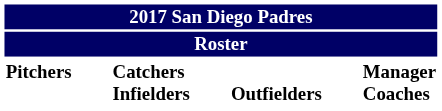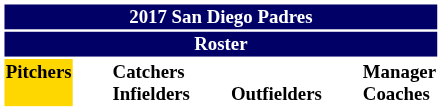 <table class="toccolours" style="font-size: 95%;">
 <tr>
 <th colspan="10" style="background-color: #000066; color: #FFFFFF; text-align: center;">2017 San Diego Padres</th>
 </tr>
 <tr>
 <td colspan="10" style="background-color: #000066; color: #FFFFFF; text-align: center;"><strong>Roster</strong></td>
 </tr>
 <tr>
-<td valign="top"><strong>Pitchers</strong><br>                             </td>
+<td valign="top" style="background: gold;"><strong>Pitchers</strong><br>                             </td>
 <td width="25px"></td>
 <td valign="top"><strong>Catchers</strong><br>    <strong>Infielders</strong>          </td>
 <td width="25px"></td>
 <td valign="top"><br><strong>Outfielders</strong>        </td>
 <td width="25px"></td>
 <td valign="top"><strong>Manager</strong><br> <strong>Coaches</strong>                       </td>
 </tr>
 </table>
